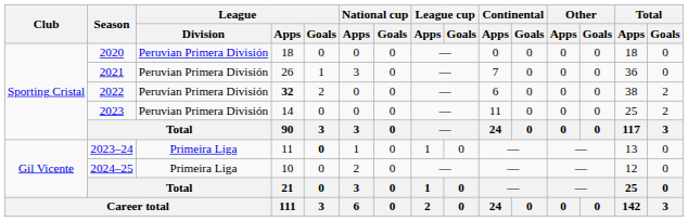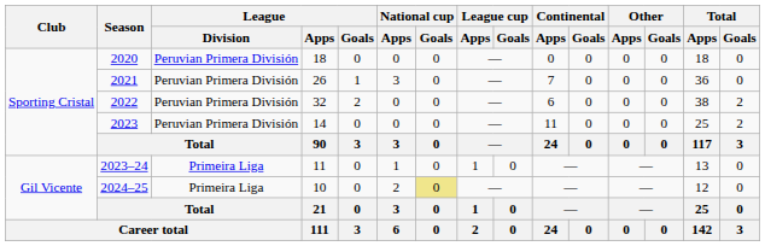 <table class="wikitable" style="text-align:center">
 <tr>
 <th rowspan="2">Club</th>
 <th rowspan="2">Season</th>
 <th colspan="3">League</th>
 <th colspan="2">National cup</th>
 <th colspan="2">League cup</th>
 <th colspan="2">Continental</th>
 <th colspan="2">Other</th>
 <th colspan="2">Total</th>
 </tr>
 <tr>
 <th>Division</th>
 <th>Apps</th>
 <th>Goals</th>
 <th>Apps</th>
 <th>Goals</th>
 <th>Apps</th>
 <th>Goals</th>
 <th>Apps</th>
 <th>Goals</th>
 <th>Apps</th>
 <th>Goals</th>
 <th>Apps</th>
 <th>Goals</th>
 </tr>
 <tr>
 <td rowspan="5"><a href='#'>Sporting Cristal</a></td>
 <td><a href='#'>2020</a></td>
 <td><a href='#'>Peruvian Primera División</a></td>
 <td>18</td>
 <td>0</td>
 <td>0</td>
 <td>0</td>
 <td colspan="2">—</td>
 <td>0</td>
 <td>0</td>
 <td>0</td>
 <td>0</td>
 <td>18</td>
 <td>0</td>
 </tr>
 <tr>
 <td><a href='#'>2021</a></td>
 <td>Peruvian Primera División</td>
 <td>26</td>
 <td>1</td>
 <td>3</td>
 <td>0</td>
 <td colspan="2">—</td>
 <td>7</td>
 <td>0</td>
 <td>0</td>
 <td>0</td>
 <td>36</td>
 <td>0</td>
 </tr>
 <tr>
 <td><a href='#'>2022</a></td>
 <td>Peruvian Primera División</td>
-<td><strong>32</strong></td>
+<td>32</td>
 <td>2</td>
 <td>0</td>
 <td>0</td>
 <td colspan="2">—</td>
 <td>6</td>
 <td>0</td>
 <td>0</td>
 <td>0</td>
 <td>38</td>
 <td>2</td>
 </tr>
 <tr>
 <td><a href='#'>2023</a></td>
 <td>Peruvian Primera División</td>
 <td>14</td>
 <td>0</td>
 <td>0</td>
 <td>0</td>
 <td colspan="2">—</td>
 <td>11</td>
 <td>0</td>
 <td>0</td>
 <td>0</td>
 <td>25</td>
 <td>2</td>
 </tr>
 <tr>
 <th colspan="2">Total</th>
 <th>90</th>
 <th>3</th>
 <th>3</th>
 <th>0</th>
 <th colspan="2">—</th>
 <th>24</th>
 <th>0</th>
 <th>0</th>
 <th>0</th>
 <th>117</th>
 <th>3</th>
 </tr>
 <tr>
 <td rowspan="3"><a href='#'>Gil Vicente</a></td>
 <td><a href='#'>2023–24</a></td>
 <td><a href='#'>Primeira Liga</a></td>
 <td>11</td>
-<td><strong>0</strong></td>
+<td>0</td>
 <td>1</td>
 <td>0</td>
 <td>1</td>
 <td>0</td>
 <td colspan="2">—</td>
 <td colspan="2">—</td>
 <td>13</td>
 <td>0</td>
 </tr>
 <tr>
 <td><a href='#'>2024–25</a></td>
 <td>Primeira Liga</td>
 <td>10</td>
 <td>0</td>
 <td>2</td>
-<td>0</td>
+<td style="background: khaki;">0</td>
 <td colspan="2">—</td>
 <td colspan="2">—</td>
 <td colspan="2">—</td>
 <td>12</td>
 <td>0</td>
 </tr>
 <tr>
 <th colspan="2">Total</th>
 <th>21</th>
 <th>0</th>
 <th>3</th>
 <th>0</th>
 <th>1</th>
 <th>0</th>
 <th colspan="2">—</th>
 <th colspan="2">—</th>
 <th>25</th>
 <th>0</th>
 </tr>
 <tr>
 <th colspan="3">Career total</th>
 <th>111</th>
 <th>3</th>
 <th>6</th>
 <th>0</th>
 <th>2</th>
 <th>0</th>
 <th>24</th>
 <th>0</th>
 <th>0</th>
 <th>0</th>
 <th>142</th>
 <th>3</th>
 </tr>
 </table>
